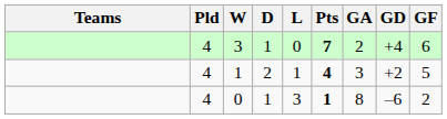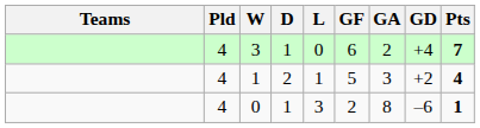 <table class="wikitable" style="text-align: center;">
 <tr>
 <th width=165>Teams</th>
 <th width=20>Pld</th>
 <th width=20>W</th>
 <th width=20>D</th>
 <th width=20>L</th>
-<th width=20>Pts</th>
+<th width=20>GF</th>
 <th width=20>GA</th>
 <th width=20>GD</th>
-<th width=20>GF</th>
+<th width=20>Pts</th>
 </tr>
 <tr align=center style="background:#ccffcc;">
 <td style="text-align:left;"></td>
 <td>4</td>
 <td>3</td>
 <td>1</td>
 <td>0</td>
-<td><strong>7</strong></td>
+<td>6</td>
 <td>2</td>
 <td>+4</td>
-<td>6</td>
+<td><strong>7</strong></td>
 </tr>
 <tr align=center>
 <td style="text-align:left;"></td>
 <td>4</td>
 <td>1</td>
 <td>2</td>
 <td>1</td>
-<td><strong>4</strong></td>
+<td>5</td>
 <td>3</td>
 <td>+2</td>
-<td>5</td>
+<td><strong>4</strong></td>
 </tr>
 <tr align=center>
 <td style="text-align:left;"></td>
 <td>4</td>
 <td>0</td>
 <td>1</td>
 <td>3</td>
-<td><strong>1</strong></td>
+<td>2</td>
 <td>8</td>
 <td>–6</td>
-<td>2</td>
+<td><strong>1</strong></td>
 </tr>
 </table>
